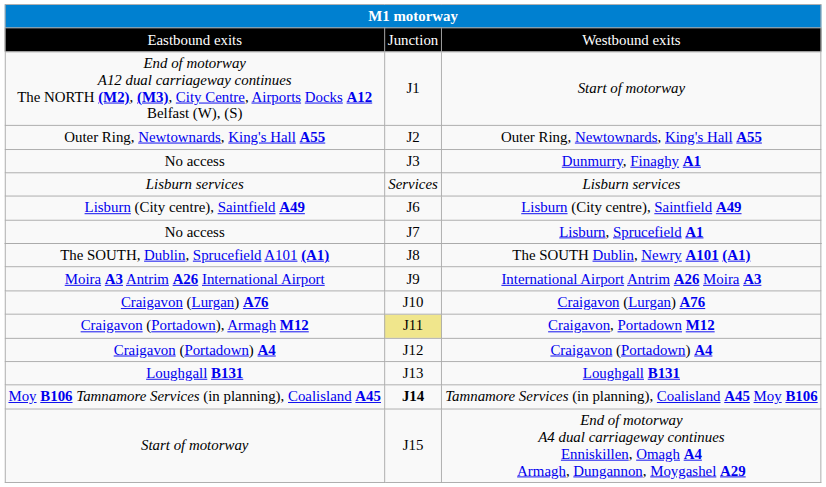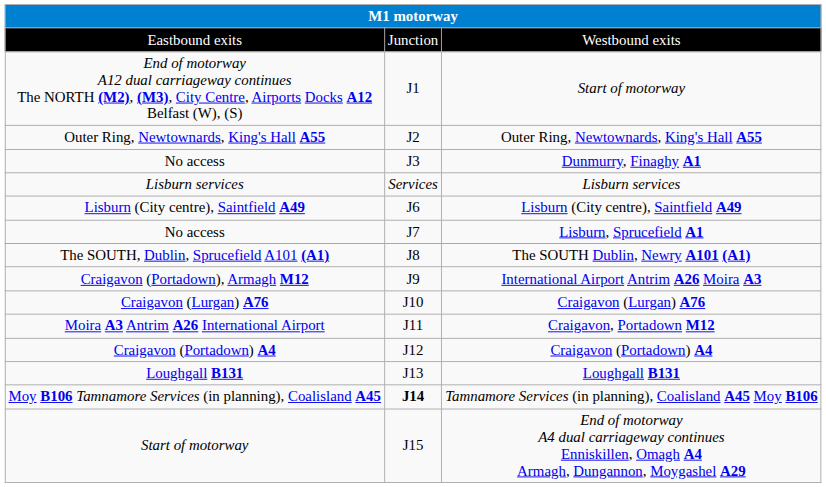 <table border=1 cellpadding=2 style="margin:auto; text-align:center; border-collapse: collapse; " class="wikitable">
 <tr align="center" bgcolor="0080d0" style="color: white;">
 <td colspan="3"><strong>M1 motorway</strong></td>
 </tr>
 <tr align="center" bgcolor="000000" style="color: white">
 <td>Eastbound exits</td>
 <td>Junction</td>
 <td>Westbound exits</td>
 </tr>
 <tr>
 <td><em>End of motorway</em> <br><em>A12 dual carriageway continues</em><br> The NORTH <a href='#'><span><strong>(M2)</strong></span></a>, <a href='#'><span><strong>(M3)</strong></span></a>, <a href='#'>City Centre</a>, <a href='#'>Airports</a>  <a href='#'>Docks</a> <a href='#'><span><strong>A12</strong></span></a><br> Belfast (W), (S)</td>
 <td align ="center">J1</td>
 <td><em>Start of motorway </em></td>
 </tr>
 <tr align="center">
 <td>Outer Ring, <a href='#'>Newtownards</a>, <a href='#'>King's Hall</a> <a href='#'><span><strong>A55</strong></span></a></td>
 <td align="center">J2</td>
 <td>Outer Ring, <a href='#'>Newtownards</a>, <a href='#'>King's Hall</a> <a href='#'><span><strong>A55</strong></span></a></td>
 </tr>
 <tr align="center">
 <td> No access</td>
 <td align="center">J3</td>
 <td><a href='#'>Dunmurry</a>, <a href='#'>Finaghy</a> <a href='#'><span><strong>A1</strong></span></a></td>
 </tr>
 <tr align="center">
 <td><em>Lisburn services</em></td>
 <td align="center"><em>Services</em></td>
 <td><em>Lisburn services</em></td>
 </tr>
 <tr align="center">
 <td><a href='#'>Lisburn</a> (City centre), <a href='#'>Saintfield</a> <a href='#'><span><strong>A49</strong></span></a></td>
 <td align="center">J6</td>
 <td><a href='#'>Lisburn</a> (City centre), <a href='#'>Saintfield</a> <a href='#'><span><strong>A49</strong></span></a></td>
 </tr>
 <tr align="center">
 <td> No access</td>
 <td align="center">J7</td>
 <td><a href='#'>Lisburn</a>, <a href='#'>Sprucefield</a> <a href='#'><span><strong>A1</strong></span></a></td>
 </tr>
 <tr align="center">
 </tr>
 <tr align="center">
 <td>The SOUTH, <a href='#'>Dublin</a>, <a href='#'>Sprucefield</a> <a href='#'><span>A101</span></a> <a href='#'><span><strong>(A1)</strong></span></a></td>
 <td align="center">J8</td>
 <td>The SOUTH <a href='#'>Dublin</a>, <a href='#'>Newry</a> <a href='#'><span><strong>A101</strong></span></a> <a href='#'><span><strong>(A1)</strong></span></a></td>
 </tr>
 <tr align="center">
-<td><a href='#'>Moira</a> <a href='#'><span><strong>A3</strong></span></a> <a href='#'>Antrim</a> <a href='#'><span><strong>A26</strong></span></a> <a href='#'>International Airport</a> </td>
+<td><a href='#'>Craigavon</a> (<a href='#'>Portadown</a>), <a href='#'>Armagh</a> <a href='#'><span><strong>M12</strong></span></a></td>
 <td align="center">J9</td>
 <td><a href='#'>International Airport</a>  <a href='#'>Antrim</a> <a href='#'><span><strong>A26</strong></span></a> <a href='#'>Moira</a> <a href='#'><span><strong>A3</strong></span></a></td>
 </tr>
 <tr align="center">
 <td><a href='#'>Craigavon</a> (<a href='#'>Lurgan</a>) <a href='#'><span><strong>A76</strong></span></a></td>
 <td align="center">J10</td>
 <td><a href='#'>Craigavon</a> (<a href='#'>Lurgan</a>) <a href='#'><span><strong>A76</strong></span></a></td>
 </tr>
 <tr align="center">
-<td><a href='#'>Craigavon</a> (<a href='#'>Portadown</a>), <a href='#'>Armagh</a> <a href='#'><span><strong>M12</strong></span></a></td>
-<td align="center" style="background: khaki;">J11</td>
+<td><a href='#'>Moira</a> <a href='#'><span><strong>A3</strong></span></a> <a href='#'>Antrim</a> <a href='#'><span><strong>A26</strong></span></a> <a href='#'>International Airport</a> </td>
+<td align="center">J11</td>
 <td><a href='#'>Craigavon</a>, <a href='#'>Portadown</a> <a href='#'><span><strong>M12</strong></span></a></td>
 </tr>
 <tr align="center">
 <td><a href='#'>Craigavon</a> (<a href='#'>Portadown</a>) <a href='#'><span><strong>A4</strong></span></a></td>
 <td align="center">J12</td>
 <td><a href='#'>Craigavon</a> (<a href='#'>Portadown</a>) <a href='#'><span><strong>A4</strong></span></a></td>
 </tr>
 <tr align="center">
 <td><a href='#'>Loughgall</a> <a href='#'><span><strong>B131</strong></span></a></td>
 <td align="center">J13</td>
 <td><a href='#'>Loughgall</a> <a href='#'><span><strong>B131</strong></span></a></td>
 </tr>
 <tr align="center">
 <td><a href='#'>Moy</a> <a href='#'><span><strong>B106</strong></span></a> <em>Tamnamore Services</em> (in planning), <a href='#'>Coalisland</a> <a href='#'><span><strong>A45</strong></span></a></td>
 <td align="center"><strong>J14</strong></td>
 <td><em>Tamnamore Services</em> (in planning), <a href='#'>Coalisland</a> <a href='#'><span><strong>A45</strong></span></a> <a href='#'>Moy</a> <a href='#'><span><strong>B106</strong></span></a></td>
 </tr>
 <tr align="center">
 <td><em>Start of motorway</em></td>
 <td align="center">J15</td>
 <td><em>End of motorway</em> <br><em>A4 dual carriageway continues</em><br> <a href='#'>Enniskillen</a>, <a href='#'>Omagh</a> <a href='#'><span><strong>A4</strong></span></a> <br> <a href='#'>Armagh</a>, <a href='#'>Dungannon</a>, <a href='#'>Moygashel</a> <a href='#'><span><strong>A29</strong></span></a></td>
 </tr>
 </table>
